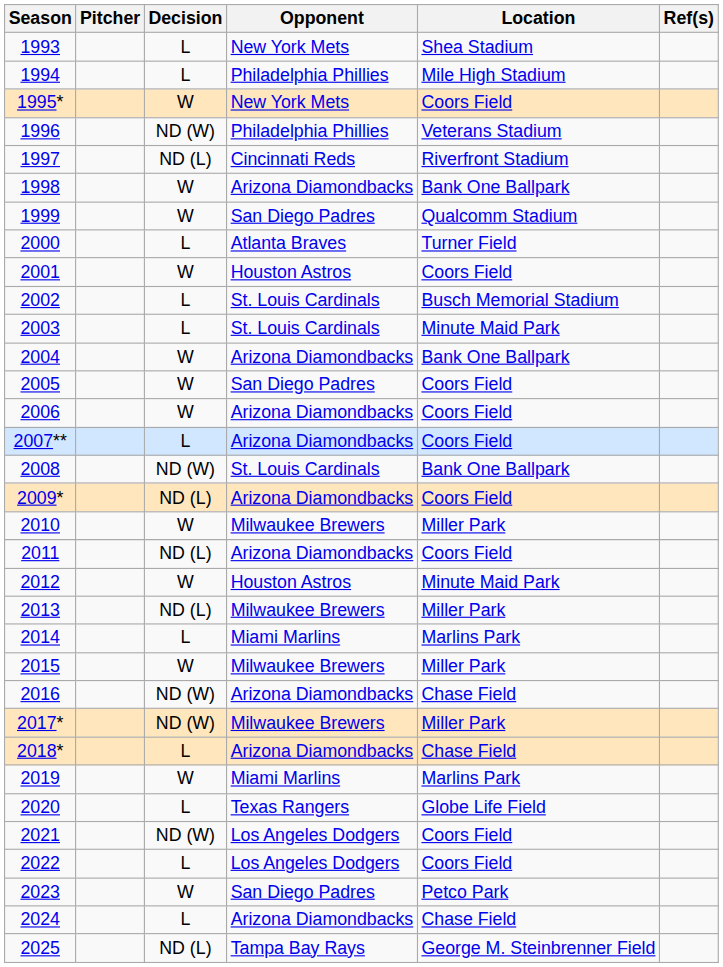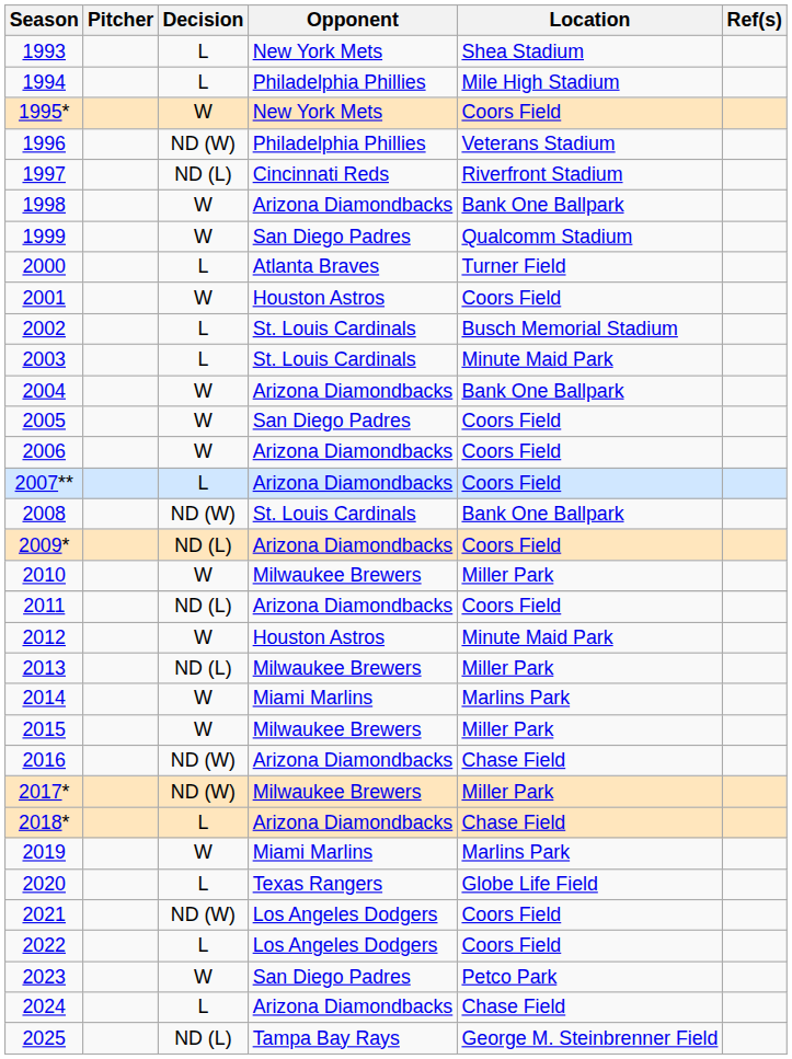 <table class="wikitable sortable plainrowheaders">
 <tr>
 <th scope="col">Season</th>
 <th scope="col">Pitcher</th>
 <th scope="col">Decision</th>
 <th scope="col">Opponent</th>
 <th scope="col">Location</th>
 <th class="unsortable">Ref(s)</th>
 </tr>
 <tr>
 <td align="center"><a href='#'>1993</a></td>
 <td></td>
 <td align="center">L</td>
 <td><a href='#'>New York Mets</a></td>
 <td><a href='#'>Shea Stadium</a></td>
 <td align="center"></td>
 </tr>
 <tr>
 <td align="center"><a href='#'>1994</a></td>
 <td></td>
 <td align="center">L</td>
 <td><a href='#'>Philadelphia Phillies</a></td>
 <td><a href='#'>Mile High Stadium</a></td>
 <td align="center"></td>
 </tr>
 <tr>
 <td style="background-color: #FFE6BD" align="center"><a href='#'>1995</a>*</td>
 <td style="background-color: #FFE6BD"></td>
 <td style="background-color: #FFE6BD" align="center">W</td>
 <td style="background-color: #FFE6BD"><a href='#'>New York Mets</a></td>
 <td style="background-color: #FFE6BD"><a href='#'>Coors Field</a></td>
 <td style="background-color: #FFE6BD" align="center"></td>
 </tr>
 <tr>
 <td align="center"><a href='#'>1996</a></td>
 <td></td>
 <td align="center">ND (W)</td>
 <td><a href='#'>Philadelphia Phillies</a></td>
 <td><a href='#'>Veterans Stadium</a></td>
 <td align="center"></td>
 </tr>
 <tr>
 <td align="center"><a href='#'>1997</a></td>
 <td> </td>
 <td align="center">ND (L)</td>
 <td><a href='#'>Cincinnati Reds</a></td>
 <td><a href='#'>Riverfront Stadium</a></td>
 <td align="center"></td>
 </tr>
 <tr>
 <td align="center"><a href='#'>1998</a></td>
 <td></td>
 <td align="center">W</td>
 <td><a href='#'>Arizona Diamondbacks</a></td>
 <td><a href='#'>Bank One Ballpark</a></td>
 <td align="center"></td>
 </tr>
 <tr>
 <td align="center"><a href='#'>1999</a></td>
 <td> </td>
 <td align="center">W</td>
 <td><a href='#'>San Diego Padres</a></td>
 <td><a href='#'>Qualcomm Stadium</a></td>
 <td align="center"></td>
 </tr>
 <tr>
 <td align="center"><a href='#'>2000</a></td>
 <td></td>
 <td align="center">L</td>
 <td><a href='#'>Atlanta Braves</a></td>
 <td><a href='#'>Turner Field</a></td>
 <td align="center"></td>
 </tr>
 <tr>
 <td align="center"><a href='#'>2001</a></td>
 <td></td>
 <td align="center">W</td>
 <td><a href='#'>Houston Astros</a></td>
 <td><a href='#'>Coors Field</a></td>
 <td align="center"></td>
 </tr>
 <tr>
 <td align="center"><a href='#'>2002</a></td>
 <td> </td>
 <td align="center">L</td>
 <td><a href='#'>St. Louis Cardinals</a></td>
 <td><a href='#'>Busch Memorial Stadium</a></td>
 <td align="center"></td>
 </tr>
 <tr>
 <td align="center"><a href='#'>2003</a></td>
 <td></td>
 <td align="center">L</td>
 <td><a href='#'>St. Louis Cardinals</a></td>
 <td><a href='#'>Minute Maid Park</a></td>
 <td align="center"></td>
 </tr>
 <tr>
 <td align="center"><a href='#'>2004</a></td>
 <td></td>
 <td align="center">W</td>
 <td><a href='#'>Arizona Diamondbacks</a></td>
 <td><a href='#'>Bank One Ballpark</a></td>
 <td align="center"></td>
 </tr>
 <tr>
 <td align="center"><a href='#'>2005</a></td>
 <td></td>
 <td align="center">W</td>
 <td><a href='#'>San Diego Padres</a></td>
 <td><a href='#'>Coors Field</a></td>
 <td align="center"></td>
 </tr>
 <tr>
 <td align="center"><a href='#'>2006</a></td>
 <td> </td>
 <td align="center">W</td>
 <td><a href='#'>Arizona Diamondbacks</a></td>
 <td><a href='#'>Coors Field</a></td>
 <td align="center"></td>
 </tr>
 <tr>
 <td style="background-color: #D0E7FF" align="center"><a href='#'>2007</a>**</td>
 <td style="background-color: #D0E7FF"></td>
 <td style="background-color: #D0E7FF" align="center">L</td>
 <td style="background-color: #D0E7FF"><a href='#'>Arizona Diamondbacks</a></td>
 <td style="background-color: #D0E7FF"><a href='#'>Coors Field</a></td>
 <td style="background-color: #D0E7FF" align="center"></td>
 </tr>
 <tr>
 <td align="center"><a href='#'>2008</a></td>
 <td></td>
 <td align="center">ND (W)</td>
 <td><a href='#'>St. Louis Cardinals</a></td>
 <td><a href='#'>Bank One Ballpark</a></td>
 <td align="center"></td>
 </tr>
 <tr>
 <td style="background-color: #FFE6BD" align="center"><a href='#'>2009</a>*</td>
 <td style="background-color: #FFE6BD"> </td>
 <td style="background-color: #FFE6BD" align="center">ND (L)</td>
 <td style="background-color: #FFE6BD"><a href='#'>Arizona Diamondbacks</a></td>
 <td style="background-color: #FFE6BD"><a href='#'>Coors Field</a></td>
 <td style="background-color: #FFE6BD" align="center"></td>
 </tr>
 <tr>
 <td align="center"><a href='#'>2010</a></td>
 <td></td>
 <td align="center">W</td>
 <td><a href='#'>Milwaukee Brewers</a></td>
 <td><a href='#'>Miller Park</a></td>
 <td align="center"></td>
 </tr>
 <tr>
 </tr>
 <tr>
 <td align="center"><a href='#'>2011</a></td>
 <td> </td>
 <td align="center">ND (L)</td>
 <td><a href='#'>Arizona Diamondbacks</a></td>
 <td><a href='#'>Coors Field</a></td>
 <td align="center"></td>
 </tr>
 <tr>
 <td align="center"><a href='#'>2012</a></td>
 <td></td>
 <td align="center">W</td>
 <td><a href='#'>Houston Astros</a></td>
 <td><a href='#'>Minute Maid Park</a></td>
 <td align="center"></td>
 </tr>
 <tr>
 <td align="center"><a href='#'>2013</a></td>
 <td></td>
 <td align="center">ND (L)</td>
 <td><a href='#'>Milwaukee Brewers</a></td>
 <td><a href='#'>Miller Park</a></td>
 <td align="center"></td>
 </tr>
 <tr>
 <td align="center"><a href='#'>2014</a></td>
 <td></td>
-<td align="center">L</td>
+<td align="center">W</td>
 <td><a href='#'>Miami Marlins</a></td>
 <td><a href='#'>Marlins Park</a></td>
 <td align="center"></td>
 </tr>
 <tr>
 <td align="center"><a href='#'>2015</a></td>
 <td></td>
 <td align="center">W</td>
 <td><a href='#'>Milwaukee Brewers</a></td>
 <td><a href='#'>Miller Park</a></td>
 <td align="center"></td>
 </tr>
 <tr>
 <td align="center"><a href='#'>2016</a></td>
 <td> </td>
 <td align="center">ND (W)</td>
 <td><a href='#'>Arizona Diamondbacks</a></td>
 <td><a href='#'>Chase Field</a></td>
 <td align="center"></td>
 </tr>
 <tr>
 <td style="background-color: #FFE6BD" align="center"><a href='#'>2017</a>*</td>
 <td style="background-color: #FFE6BD"></td>
 <td style="background-color: #FFE6BD" align="center">ND (W)</td>
 <td style="background-color: #FFE6BD"><a href='#'>Milwaukee Brewers</a></td>
 <td style="background-color: #FFE6BD"><a href='#'>Miller Park</a></td>
 <td style="background-color: #FFE6BD" align="center"></td>
 </tr>
 <tr>
 <td style="background-color: #FFE6BD" align="center"><a href='#'>2018</a>*</td>
 <td style="background-color: #FFE6BD"> </td>
 <td style="background-color: #FFE6BD" align="center">L</td>
 <td style="background-color: #FFE6BD"><a href='#'>Arizona Diamondbacks</a></td>
 <td style="background-color: #FFE6BD"><a href='#'>Chase Field</a></td>
 <td style="background-color: #FFE6BD" align="center"></td>
 </tr>
 <tr>
 <td align="center"><a href='#'>2019</a></td>
 <td></td>
 <td align="center">W</td>
 <td><a href='#'>Miami Marlins</a></td>
 <td><a href='#'>Marlins Park</a></td>
 <td align="center"></td>
 </tr>
 <tr>
 <td align="center"><a href='#'>2020</a></td>
 <td></td>
 <td align="center">L</td>
 <td><a href='#'>Texas Rangers</a></td>
 <td><a href='#'>Globe Life Field</a></td>
 <td align="center"></td>
 </tr>
 <tr>
 <td align="center"><a href='#'>2021</a></td>
 <td> </td>
 <td align="center">ND (W)</td>
 <td><a href='#'>Los Angeles Dodgers</a></td>
 <td><a href='#'>Coors Field</a></td>
 <td align="center"></td>
 </tr>
 <tr>
 <td align="center"><a href='#'>2022</a></td>
 <td> </td>
 <td align="center">L</td>
 <td><a href='#'>Los Angeles Dodgers</a></td>
 <td><a href='#'>Coors Field</a></td>
 <td align="center"></td>
 </tr>
 <tr>
 <td align="center"><a href='#'>2023</a></td>
 <td> </td>
 <td align="center">W</td>
 <td><a href='#'>San Diego Padres</a></td>
 <td><a href='#'>Petco Park</a></td>
 <td align="center"></td>
 </tr>
 <tr>
 <td align="center"><a href='#'>2024</a></td>
 <td> </td>
 <td align="center">L</td>
 <td><a href='#'>Arizona Diamondbacks</a></td>
 <td><a href='#'>Chase Field</a></td>
 <td align="center"></td>
 </tr>
 <tr>
 <td align="center"><a href='#'>2025</a></td>
 <td> </td>
 <td align="center">ND (L)</td>
 <td><a href='#'>Tampa Bay Rays</a></td>
 <td><a href='#'>George M. Steinbrenner Field</a></td>
 <td align="center"></td>
 </tr>
 </table>
